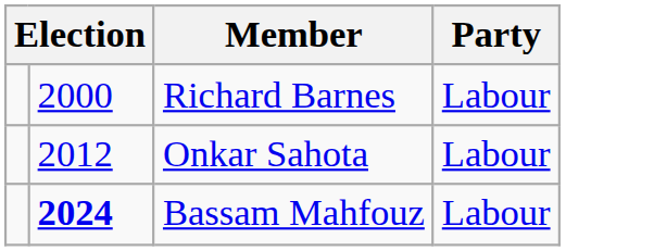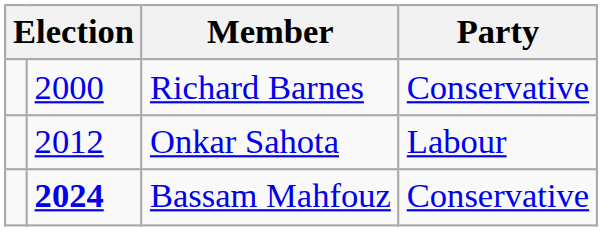 <table class="wikitable">
 <tr>
 <th colspan="2">Election</th>
 <th>Member</th>
 <th>Party</th>
 </tr>
 <tr>
 <td style="background-color: "></td>
 <td><a href='#'>2000</a></td>
 <td><a href='#'>Richard Barnes</a></td>
-<td><a href='#'>Labour</a></td>
+<td><a href='#'>Conservative</a></td>
 </tr>
 <tr>
 <td style="background-color: "></td>
 <td><a href='#'>2012</a></td>
 <td><a href='#'>Onkar Sahota</a></td>
 <td><a href='#'>Labour</a></td>
 </tr>
 <tr>
 <td style="background-color: "></td>
 <td><strong><a href='#'>2024</a></strong></td>
 <td><a href='#'>Bassam Mahfouz</a></td>
-<td><a href='#'>Labour</a></td>
+<td><a href='#'>Conservative</a></td>
 </tr>
 </table>
